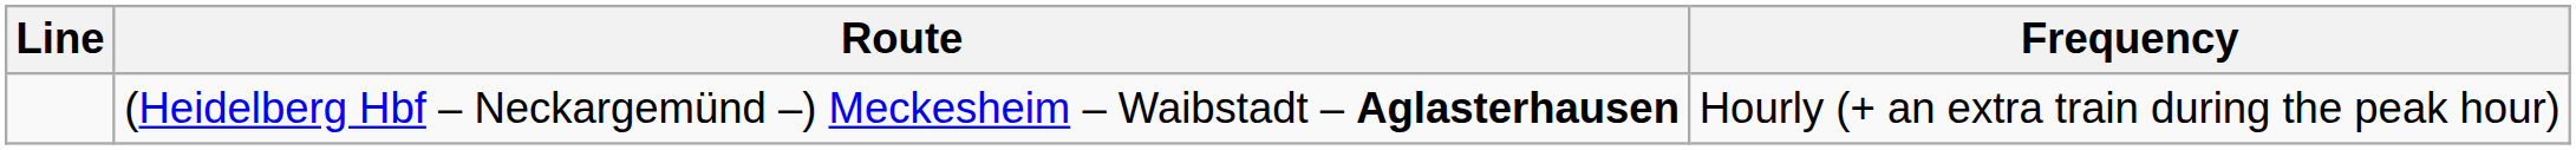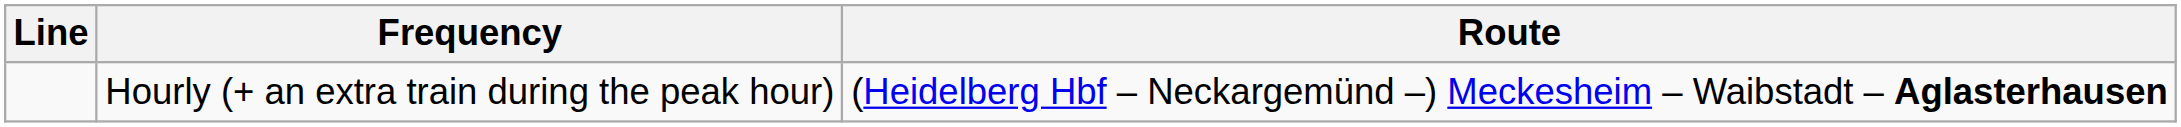 <table class="wikitable">
 <tr>
 <th>Line</th>
+<th>Frequency</th>
 <th>Route</th>
-<th>Frequency</th>
 </tr>
 <tr>
 <td></td>
+<td>Hourly (+ an extra train during the peak hour)</td>
 <td>(<a href='#'>Heidelberg Hbf</a> – Neckargemünd –) <a href='#'>Meckesheim</a> – Waibstadt – <strong>Aglasterhausen</strong></td>
-<td>Hourly (+ an extra train during the peak hour)</td>
 </tr>
 </table>
